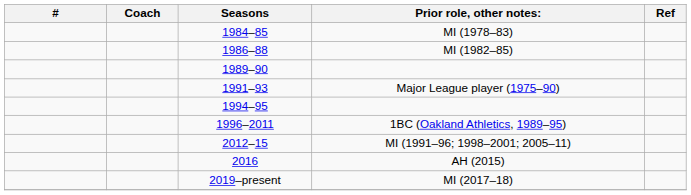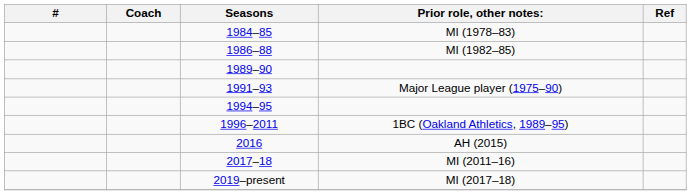 <table class="wikitable sortable" style="text-align:center; width:74%">
 <tr>
 <th width="15%">#</th>
 <th>Coach</th>
 <th>Seasons</th>
 <th class="unsortable">Prior role, other notes:</th>
 <th class="unsortable">Ref</th>
 </tr>
 <tr>
 <td></td>
 <td></td>
 <td><a href='#'>1984</a>–<a href='#'>85</a></td>
 <td>MI (1978–83)</td>
 <td></td>
 </tr>
 <tr>
 <td></td>
 <td></td>
 <td><a href='#'>1986</a>–<a href='#'>88</a></td>
 <td>MI (1982–85)</td>
 <td></td>
 </tr>
 <tr>
 <td></td>
 <td></td>
 <td><a href='#'>1989</a>–<a href='#'>90</a></td>
 <td></td>
 <td></td>
 </tr>
 <tr>
 <td></td>
 <td></td>
 <td><a href='#'>1991</a>–<a href='#'>93</a></td>
 <td>Major League player (<a href='#'>1975</a>–<a href='#'>90</a>)</td>
 <td></td>
 </tr>
 <tr>
 <td></td>
 <td></td>
 <td><a href='#'>1994</a>–<a href='#'>95</a></td>
 <td></td>
 <td></td>
 </tr>
 <tr>
 <td></td>
 <td></td>
 <td><a href='#'>1996</a>–<a href='#'>2011</a></td>
 <td>1BC (<a href='#'>Oakland Athletics</a>, <a href='#'>1989</a>–<a href='#'>95</a>)</td>
 <td></td>
 </tr>
 <tr>
 <td></td>
 <td></td>
-<td><a href='#'>2012</a>–<a href='#'>15</a></td>
-<td>MI (1991–96; 1998–2001; 2005–11)</td>
+<td><a href='#'>2016</a></td>
+<td>AH (2015)</td>
 <td></td>
 </tr>
 <tr>
 <td></td>
 <td></td>
-<td><a href='#'>2016</a></td>
-<td>AH (2015)</td>
+<td><a href='#'>2017</a>–<a href='#'>18</a></td>
+<td>MI (2011–16)</td>
 <td></td>
 </tr>
 <tr>
 <td></td>
 <td></td>
 <td><a href='#'>2019</a>–present</td>
 <td>MI (2017–18)</td>
 <td></td>
 </tr>
 <tr>
 </tr>
 </table>
